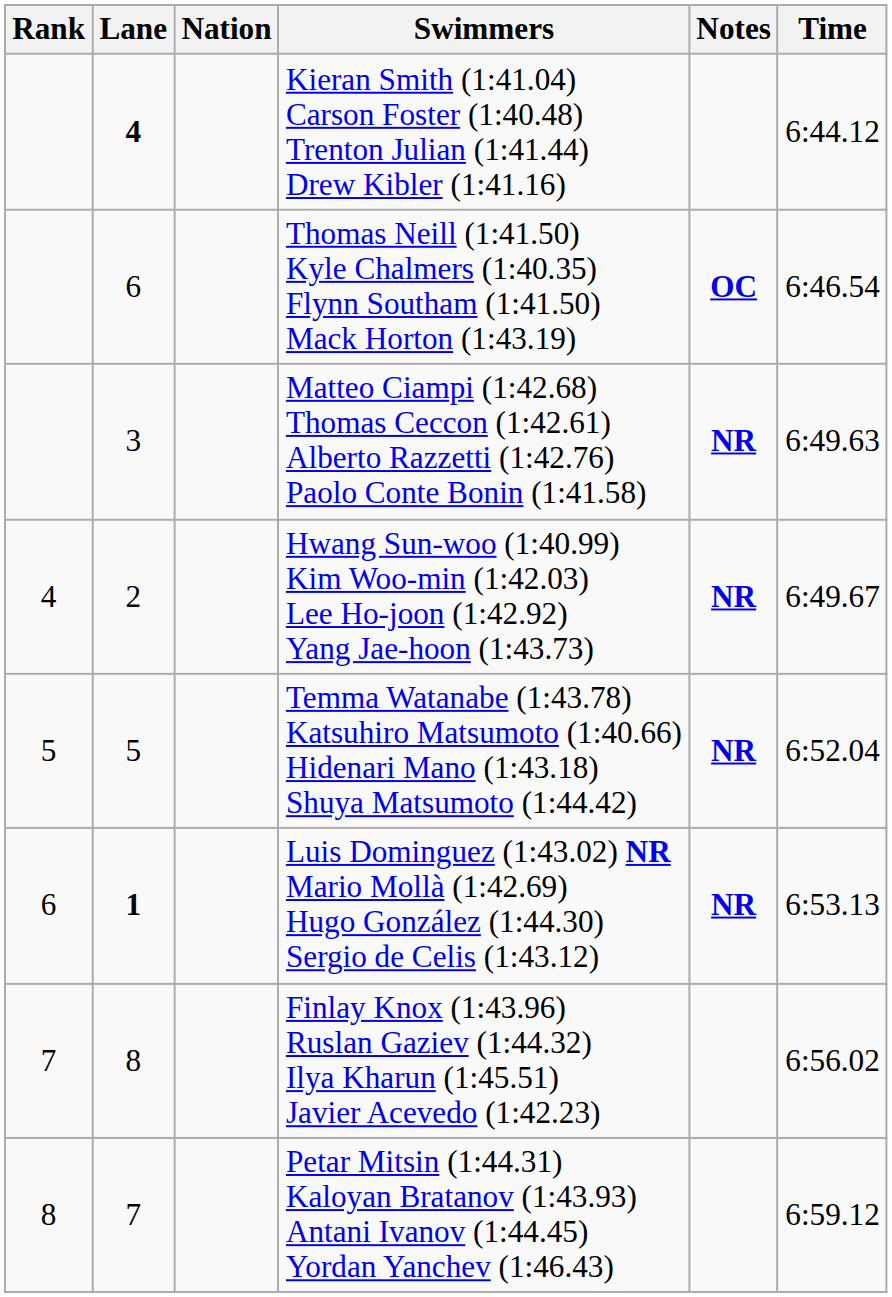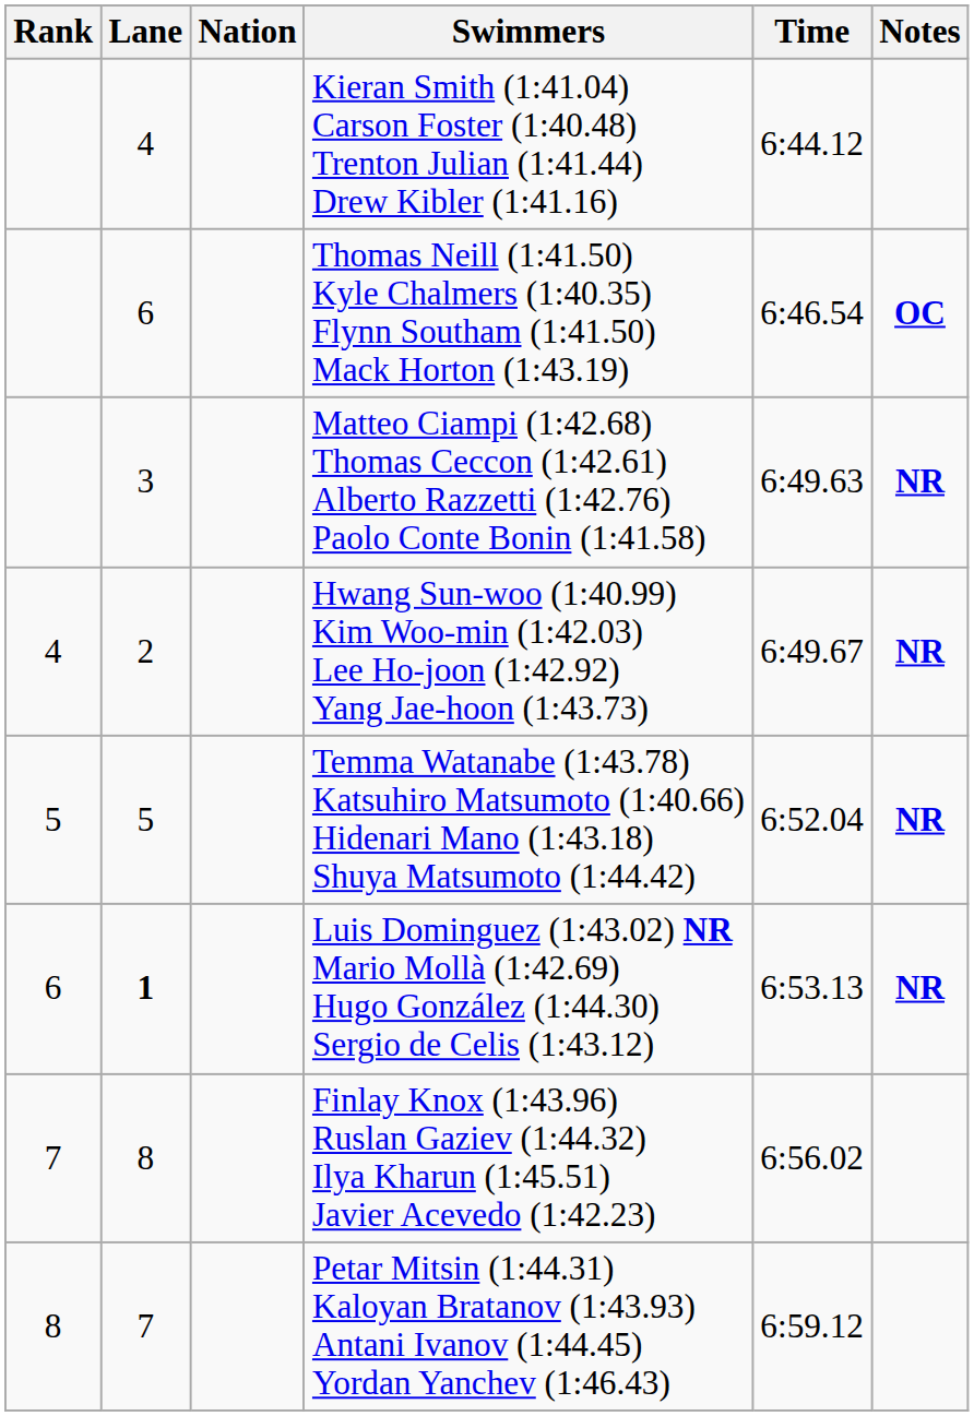 <table class="wikitable sortable" style="text-align:center">
 <tr>
 <th>Rank</th>
 <th>Lane</th>
 <th>Nation</th>
 <th>Swimmers</th>
+<th>Time</th>
 <th>Notes</th>
-<th>Time</th>
 </tr>
 <tr>
 <td></td>
-<td><strong>4</strong></td>
+<td>4</td>
 <td align=left></td>
 <td align=left><a href='#'>Kieran Smith</a> (1:41.04)<br><a href='#'>Carson Foster</a> (1:40.48)<br><a href='#'>Trenton Julian</a> (1:41.44)<br><a href='#'>Drew Kibler</a> (1:41.16)</td>
+<td>6:44.12</td>
 <td></td>
-<td>6:44.12</td>
 </tr>
 <tr>
 <td></td>
 <td>6</td>
 <td align=left></td>
 <td align=left><a href='#'>Thomas Neill</a> (1:41.50)<br><a href='#'>Kyle Chalmers</a> (1:40.35)<br><a href='#'>Flynn Southam</a> (1:41.50)<br><a href='#'>Mack Horton</a> (1:43.19)</td>
+<td>6:46.54</td>
 <td><strong><a href='#'>OC</a></strong></td>
-<td>6:46.54</td>
 </tr>
 <tr>
 <td></td>
 <td>3</td>
 <td align=left></td>
 <td align=left><a href='#'>Matteo Ciampi</a> (1:42.68)<br><a href='#'>Thomas Ceccon</a> (1:42.61)<br><a href='#'>Alberto Razzetti</a> (1:42.76)<br><a href='#'>Paolo Conte Bonin</a> (1:41.58)</td>
+<td>6:49.63</td>
 <td><strong><a href='#'>NR</a></strong></td>
-<td>6:49.63</td>
 </tr>
 <tr>
 <td>4</td>
 <td>2</td>
 <td align=left></td>
 <td align=left><a href='#'>Hwang Sun-woo</a> (1:40.99)<br><a href='#'>Kim Woo-min</a> (1:42.03)<br><a href='#'>Lee Ho-joon</a> (1:42.92)<br><a href='#'>Yang Jae-hoon</a> (1:43.73)</td>
+<td>6:49.67</td>
 <td><strong><a href='#'>NR</a></strong></td>
-<td>6:49.67</td>
 </tr>
 <tr>
 <td>5</td>
 <td>5</td>
 <td align=left></td>
 <td align=left><a href='#'>Temma Watanabe</a> (1:43.78)<br><a href='#'>Katsuhiro Matsumoto</a> (1:40.66)<br><a href='#'>Hidenari Mano</a> (1:43.18)<br><a href='#'>Shuya Matsumoto</a> (1:44.42)</td>
+<td>6:52.04</td>
 <td><strong><a href='#'>NR</a></strong></td>
-<td>6:52.04</td>
 </tr>
 <tr>
 <td>6</td>
 <td><strong>1</strong></td>
 <td align=left></td>
 <td align=left><a href='#'>Luis Dominguez</a> (1:43.02) <strong><a href='#'>NR</a></strong><br><a href='#'>Mario Mollà</a> (1:42.69)<br><a href='#'>Hugo González</a> (1:44.30)<br><a href='#'>Sergio de Celis</a> (1:43.12)</td>
+<td>6:53.13</td>
 <td><strong><a href='#'>NR</a></strong></td>
-<td>6:53.13</td>
 </tr>
 <tr>
 <td>7</td>
 <td>8</td>
 <td align=left></td>
 <td align=left><a href='#'>Finlay Knox</a> (1:43.96)<br><a href='#'>Ruslan Gaziev</a> (1:44.32)<br><a href='#'>Ilya Kharun</a> (1:45.51)<br><a href='#'>Javier Acevedo</a> (1:42.23)</td>
+<td>6:56.02</td>
 <td></td>
-<td>6:56.02</td>
 </tr>
 <tr>
 <td>8</td>
 <td>7</td>
 <td align=left></td>
 <td align=left><a href='#'>Petar Mitsin</a> (1:44.31)<br><a href='#'>Kaloyan Bratanov</a> (1:43.93)<br><a href='#'>Antani Ivanov</a> (1:44.45)<br><a href='#'>Yordan Yanchev</a> (1:46.43)</td>
+<td>6:59.12</td>
 <td></td>
-<td>6:59.12</td>
 </tr>
 </table>
